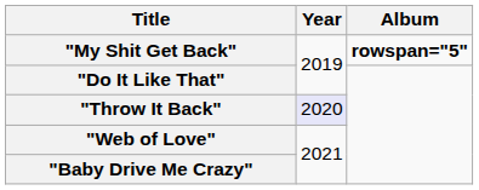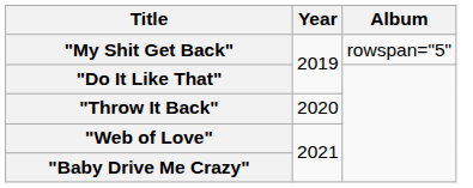 <table class="wikitable plainrowheaders" style="text-align:center;">
 <tr>
 <th scope="col" style="width:15em;">Title</th>
 <th scope="col">Year</th>
 <th scope="col">Album</th>
 </tr>
 <tr>
 <th scope="row">"My Shit Get Back"<br></th>
 <td rowspan="2">2019</td>
-<td><strong>rowspan="5" </strong></td>
+<td>rowspan="5" </td>
 </tr>
 <tr>
 <th scope="row">"Do It Like That"<br></th>
 </tr>
 <tr>
 <th scope="row">"Throw It Back"<br></th>
-<td style="background: lavender;">2020</td>
+<td>2020</td>
 </tr>
 <tr>
 <th scope="row">"Web of Love"<br></th>
 <td rowspan="2">2021</td>
 </tr>
 <tr>
 <th scope="row">"Baby Drive Me Crazy"<br></th>
 </tr>
 </table>
